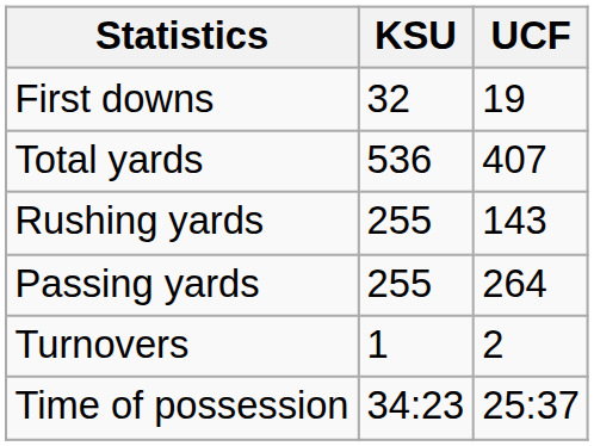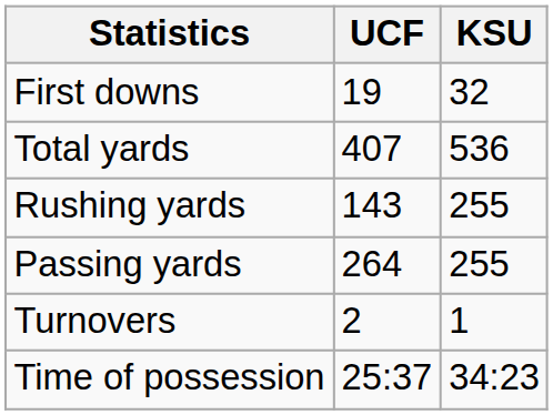 <table class="wikitable" style="float: left;">
 <tr>
 <th>Statistics</th>
+<th>UCF</th>
 <th>KSU</th>
-<th>UCF</th>
 </tr>
 <tr>
 <td>First downs</td>
+<td>19</td>
 <td>32</td>
-<td>19</td>
 </tr>
 <tr>
 <td>Total yards</td>
+<td>407</td>
 <td>536</td>
-<td>407</td>
 </tr>
 <tr>
 <td>Rushing yards</td>
+<td>143</td>
 <td>255</td>
-<td>143</td>
 </tr>
 <tr>
 <td>Passing yards</td>
+<td>264</td>
 <td>255</td>
-<td>264</td>
 </tr>
 <tr>
 <td>Turnovers</td>
+<td>2</td>
 <td>1</td>
-<td>2</td>
 </tr>
 <tr>
 <td>Time of possession</td>
+<td>25:37</td>
 <td>34:23</td>
-<td>25:37</td>
 </tr>
 </table>
